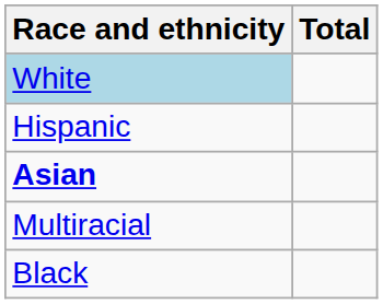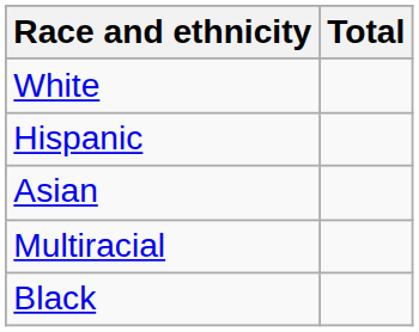 <table class="wikitable sortable collapsible"; text-align:right; font-size:80%;">
 <tr>
 <th>Race and ethnicity</th>
 <th colspan="2" data-sort-type=number>Total</th>
 </tr>
 <tr>
-<td style="background: lightblue;"><a href='#'>White</a></td>
+<td><a href='#'>White</a></td>
 <td align=right></td>
 </tr>
 <tr>
 <td><a href='#'>Hispanic</a></td>
 <td align=right></td>
 </tr>
 <tr>
-<td><strong><a href='#'>Asian</a></strong></td>
+<td><a href='#'>Asian</a></td>
 <td align=right></td>
 </tr>
 <tr>
 <td><a href='#'>Multiracial</a></td>
 <td align=right></td>
 </tr>
 <tr>
 <td><a href='#'>Black</a></td>
 <td align=right></td>
 </tr>
 </table>
